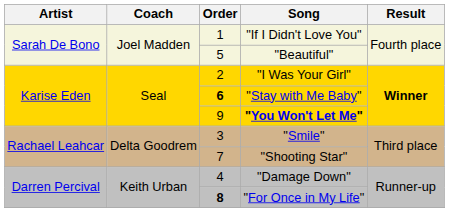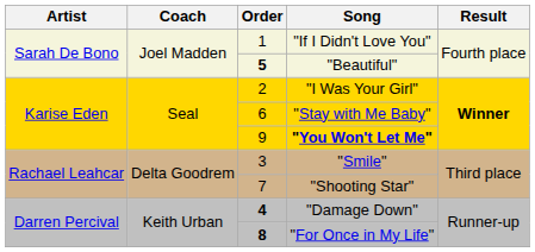 <table class="wikitable sortable" style="text-align: center; width: auto;">
 <tr>
 <th>Artist</th>
 <th>Coach</th>
 <th>Order</th>
 <th>Song</th>
 <th>Result</th>
 </tr>
 <tr bgcolor=beige>
 <td rowspan="2"><a href='#'>Sarah De Bono</a></td>
 <td rowspan="2">Joel Madden</td>
 <td>1</td>
 <td>"If I Didn't Love You"</td>
 <td rowspan="2">Fourth place</td>
 </tr>
 <tr bgcolor=beige>
-<td>5</td>
+<td><strong>5</strong></td>
 <td>"Beautiful"</td>
 </tr>
 <tr bgcolor=gold>
 <td rowspan="3"><a href='#'>Karise Eden</a></td>
 <td rowspan="3">Seal</td>
 <td>2</td>
 <td>"I Was Your Girl"</td>
 <td rowspan="3"><strong>Winner</strong></td>
 </tr>
 <tr bgcolor=gold>
-<td><strong>6</strong></td>
+<td>6</td>
 <td>"<a href='#'>Stay with Me Baby</a>"</td>
 </tr>
 <tr bgcolor=gold>
 <td>9</td>
 <td><strong>"<a href='#'>You Won't Let Me</a>"</strong></td>
 </tr>
 <tr bgcolor=tan>
 <td rowspan="2"><a href='#'>Rachael Leahcar</a></td>
 <td rowspan="2">Delta Goodrem</td>
 <td>3</td>
 <td>"<a href='#'>Smile</a>"</td>
 <td rowspan="2">Third place</td>
 </tr>
 <tr bgcolor=tan>
 <td>7</td>
 <td>"Shooting Star"</td>
 </tr>
 <tr bgcolor=silver>
 <td rowspan="2"><a href='#'>Darren Percival</a></td>
 <td rowspan="2">Keith Urban</td>
-<td>4</td>
+<td><strong>4</strong></td>
 <td>"Damage Down"</td>
 <td rowspan="2">Runner-up</td>
 </tr>
 <tr bgcolor=silver>
 <td><strong>8</strong></td>
 <td>"<a href='#'>For Once in My Life</a>"</td>
 </tr>
 <tr>
 </tr>
 </table>
